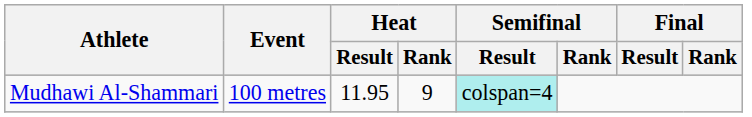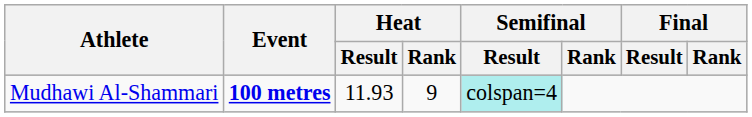 <table class="wikitable" style="font-size:90%">
 <tr>
 <th rowspan="2">Athlete</th>
 <th rowspan="2">Event</th>
 <th colspan="2">Heat</th>
 <th colspan="2">Semifinal</th>
 <th colspan="2">Final</th>
 </tr>
 <tr style="font-size:95%">
 <th>Result</th>
 <th>Rank</th>
 <th>Result</th>
 <th>Rank</th>
 <th>Result</th>
 <th>Rank</th>
 </tr>
 <tr align=center>
 <td align=left><a href='#'>Mudhawi Al-Shammari</a></td>
-<td align=left><a href='#'>100 metres</a></td>
-<td>11.95</td>
+<td align=left><strong><a href='#'>100 metres</a></strong></td>
+<td>11.93</td>
 <td>9</td>
 <td style="background: paleturquoise;">colspan=4 </td>
 </tr>
 </table>
